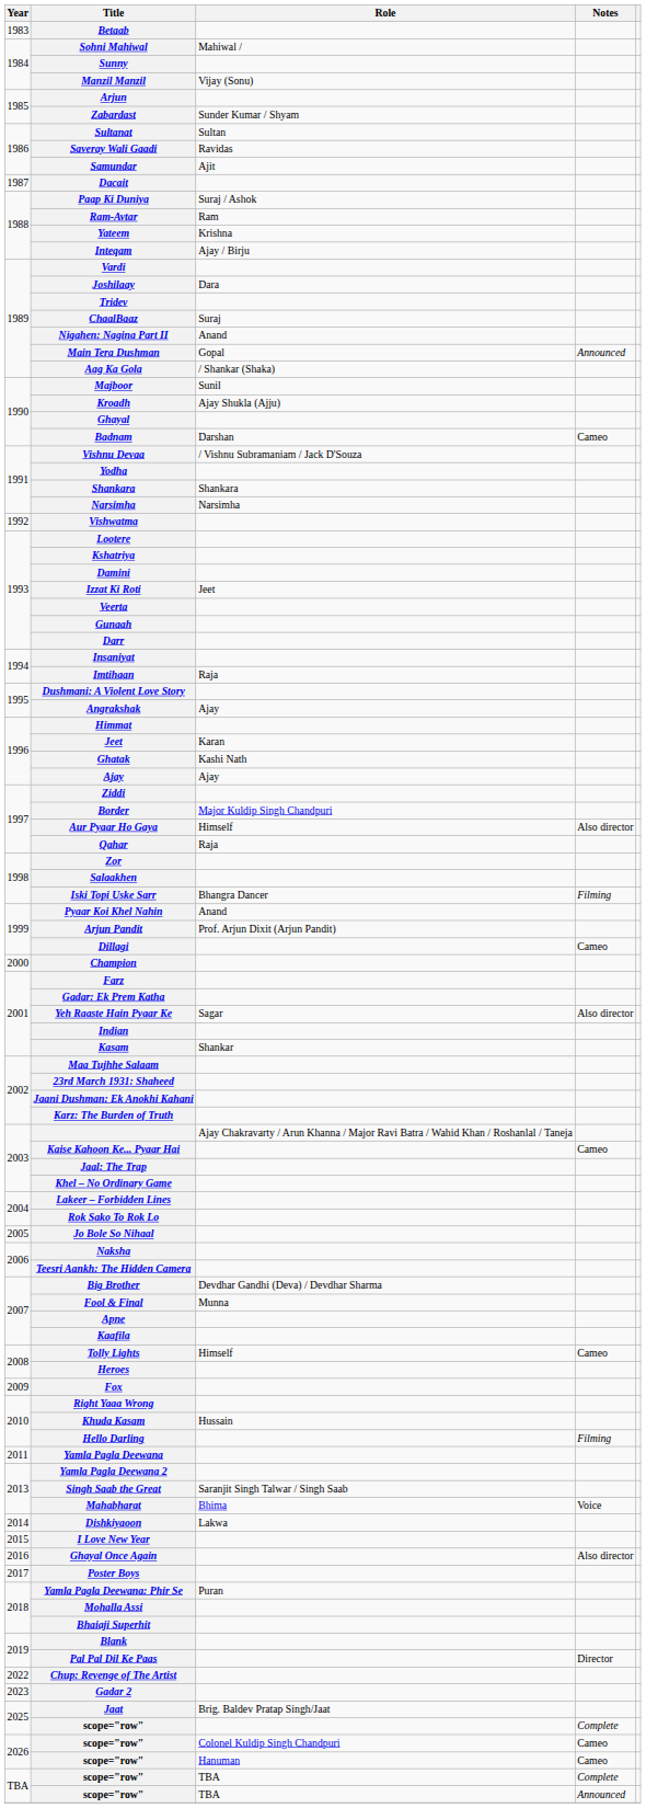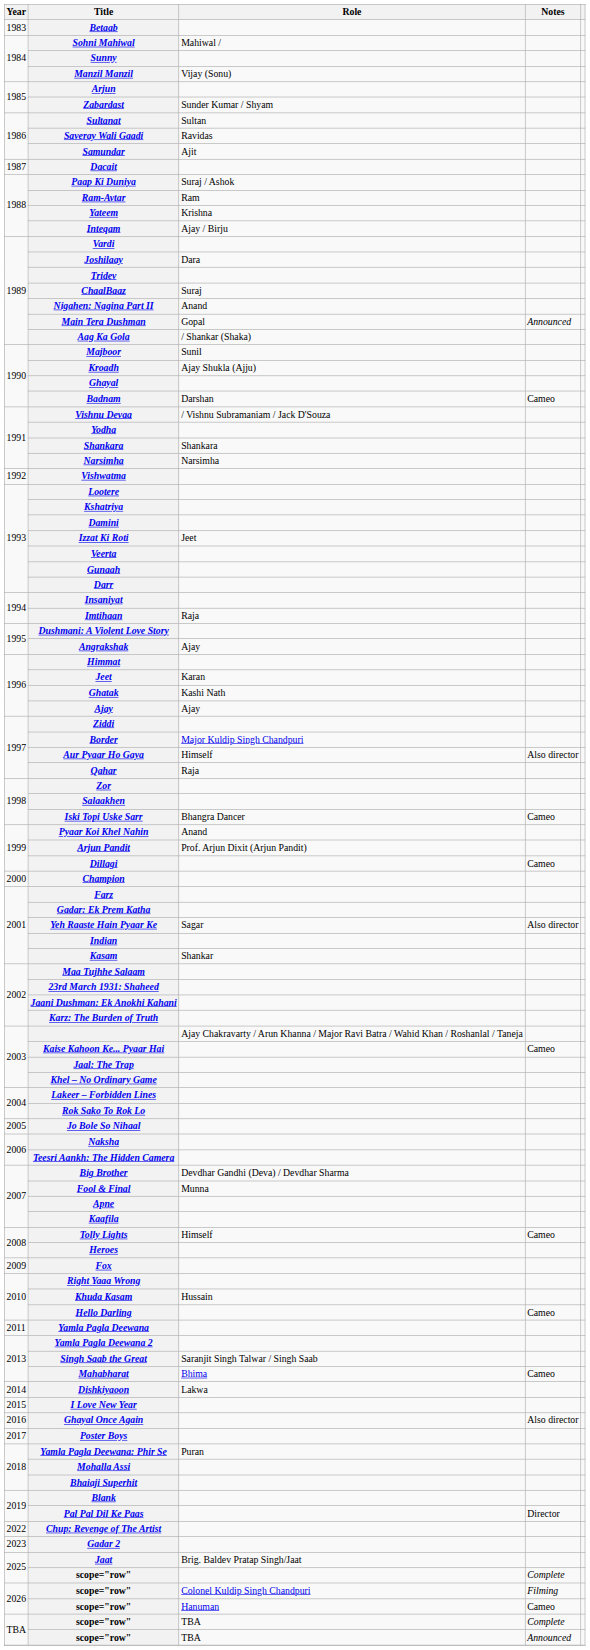 <table class="wikitable sortable plainrowheaders">
 <tr>
 <th scope="col">Year</th>
 <th Scope="col">Title</th>
 <th Scope="col">Role</th>
 <th Scope="col" class="unsortable">Notes</th>
 <th Scope="col" class="unsortable"></th>
 </tr>
 <tr>
 <td>1983</td>
 <th scope="row"><em><a href='#'>Betaab</a></em></th>
 <td></td>
 <td></td>
 <td style="text-align:center;"></td>
 </tr>
 <tr>
 <td rowspan="3">1984</td>
 <th scope="row"><em><a href='#'>Sohni Mahiwal</a></em></th>
 <td>Mahiwal / </td>
 <td></td>
 <td style="text-align:center;"></td>
 </tr>
 <tr>
 <th scope="row"><em><a href='#'>Sunny</a></em></th>
 <td></td>
 <td></td>
 <td style="text-align:center;"></td>
 </tr>
 <tr>
 <th scope="row"><em><a href='#'>Manzil Manzil</a></em></th>
 <td>Vijay (Sonu)</td>
 <td></td>
 <td style="text-align:center;"></td>
 </tr>
 <tr>
 <td rowspan="2">1985</td>
 <th scope="row"><em><a href='#'>Arjun</a></em></th>
 <td></td>
 <td></td>
 <td style="text-align:center;"></td>
 </tr>
 <tr>
 <th scope="row"><em><a href='#'>Zabardast</a></em></th>
 <td>Sunder Kumar / Shyam</td>
 <td></td>
 <td style="text-align:center;"></td>
 </tr>
 <tr>
 <td rowspan="3">1986</td>
 <th scope="row"><em><a href='#'>Sultanat</a></em></th>
 <td>Sultan</td>
 <td></td>
 <td style="text-align:center;"></td>
 </tr>
 <tr>
 <th scope="row"><em><a href='#'>Saveray Wali Gaadi</a></em></th>
 <td>Ravidas</td>
 <td></td>
 <td style="text-align:center;"></td>
 </tr>
 <tr>
 <th scope="row"><em><a href='#'>Samundar</a></em></th>
 <td>Ajit</td>
 <td></td>
 <td style="text-align:center;"></td>
 </tr>
 <tr>
 <td>1987</td>
 <th scope="row"><em><a href='#'>Dacait</a></em></th>
 <td></td>
 <td></td>
 <td style="text-align:center;"></td>
 </tr>
 <tr>
 <td rowspan="4">1988</td>
 <th scope="row"><em><a href='#'>Paap Ki Duniya</a></em></th>
 <td>Suraj / Ashok</td>
 <td></td>
 <td style="text-align:center;"></td>
 </tr>
 <tr>
 <th scope="row"><em><a href='#'>Ram-Avtar</a></em></th>
 <td>Ram</td>
 <td></td>
 <td style="text-align:center;"></td>
 </tr>
 <tr>
 <th scope="row"><em><a href='#'>Yateem</a></em></th>
 <td>Krishna</td>
 <td></td>
 <td style="text-align:center;"></td>
 </tr>
 <tr>
 <th scope="row"><em><a href='#'>Inteqam</a></em></th>
 <td>Ajay / Birju</td>
 <td></td>
 <td style="text-align:center;"></td>
 </tr>
 <tr>
 <td rowspan="7">1989</td>
 <th scope="row"><em><a href='#'>Vardi</a></em></th>
 <td></td>
 <td></td>
 <td style="text-align:center;"></td>
 </tr>
 <tr>
 <th scope="row"><em><a href='#'>Joshilaay</a></em></th>
 <td>Dara</td>
 <td></td>
 <td style="text-align:center;"></td>
 </tr>
 <tr>
 <th scope="row"><em><a href='#'>Tridev</a></em></th>
 <td></td>
 <td></td>
 <td style="text-align:center;"></td>
 </tr>
 <tr>
 <th scope="row"><em><a href='#'>ChaalBaaz</a></em></th>
 <td>Suraj</td>
 <td></td>
 <td style="text-align:center;"></td>
 </tr>
 <tr>
 <th scope="row"><em><a href='#'>Nigahen: Nagina Part II</a></em></th>
 <td>Anand</td>
 <td></td>
 <td style="text-align:center;"></td>
 </tr>
 <tr>
 <th scope="row"><em><a href='#'>Main Tera Dushman</a></em></th>
 <td>Gopal</td>
 <td><em>Announced</em></td>
 <td style="text-align:center;"></td>
 </tr>
 <tr>
 <th scope="row"><em><a href='#'>Aag Ka Gola</a></em></th>
 <td> / Shankar (Shaka)</td>
 <td></td>
 <td style="text-align:center;"></td>
 </tr>
 <tr>
 <td rowspan="4">1990</td>
 <th scope="row"><em><a href='#'>Majboor</a> </em></th>
 <td>Sunil</td>
 <td></td>
 <td style="text-align:center;"></td>
 </tr>
 <tr>
 <th scope="row"><em><a href='#'>Kroadh</a></em></th>
 <td>Ajay Shukla (Ajju)</td>
 <td></td>
 <td style="text-align:center;"></td>
 </tr>
 <tr>
 <th scope="row"><em><a href='#'>Ghayal</a></em></th>
 <td></td>
 <td></td>
 <td style="text-align:center;"></td>
 </tr>
 <tr>
 <th scope="row"><em><a href='#'>Badnam</a></em></th>
 <td>Darshan</td>
 <td {{Ubl>Cameo</td>
 <td style="text-align:center;"></td>
 </tr>
 <tr>
 <td rowspan="4">1991</td>
 <th scope="row"><em><a href='#'>Vishnu Devaa</a></em></th>
 <td> / Vishnu Subramaniam / Jack D'Souza</td>
 <td></td>
 <td style="text-align:center;"></td>
 </tr>
 <tr>
 <th scope="row"><em><a href='#'>Yodha</a></em></th>
 <td></td>
 <td></td>
 <td style="text-align:center;"></td>
 </tr>
 <tr>
 <th scope="row"><em><a href='#'>Shankara</a></em></th>
 <td>Shankara</td>
 <td></td>
 <td style="text-align:center;"></td>
 </tr>
 <tr>
 <th scope="row"><em><a href='#'>Narsimha</a></em></th>
 <td>Narsimha</td>
 <td></td>
 <td style="text-align:center;"></td>
 </tr>
 <tr>
 <td>1992</td>
 <th scope="row"><em><a href='#'>Vishwatma</a></em></th>
 <td></td>
 <td></td>
 <td style="text-align:center;"></td>
 </tr>
 <tr>
 <td rowspan="7">1993</td>
 <th scope="row"><em><a href='#'>Lootere</a></em></th>
 <td></td>
 <td></td>
 <td style="text-align:center;"></td>
 </tr>
 <tr>
 <th scope="row"><em><a href='#'>Kshatriya</a></em></th>
 <td></td>
 <td></td>
 <td style="text-align:center;"></td>
 </tr>
 <tr>
 <th scope="row"><em><a href='#'>Damini</a></em></th>
 <td></td>
 <td></td>
 <td style="text-align:center;"></td>
 </tr>
 <tr>
 <th scope="row"><em><a href='#'>Izzat Ki Roti</a></em></th>
 <td>Jeet</td>
 <td></td>
 <td style="text-align:center;"></td>
 </tr>
 <tr>
 <th scope="row"><em><a href='#'>Veerta</a></em></th>
 <td></td>
 <td></td>
 <td style="text-align:center;"></td>
 </tr>
 <tr>
 <th scope="row"><em><a href='#'>Gunaah</a></em></th>
 <td></td>
 <td></td>
 <td style="text-align:center;"></td>
 </tr>
 <tr>
 <th scope="row"><em><a href='#'>Darr</a></em></th>
 <td></td>
 <td></td>
 <td style="text-align:center;"></td>
 </tr>
 <tr>
 <td rowspan="2">1994</td>
 <th scope="row"><em><a href='#'>Insaniyat</a></em></th>
 <td></td>
 <td></td>
 <td style="text-align:center;"></td>
 </tr>
 <tr>
 <th scope="row"><em><a href='#'>Imtihaan</a></em></th>
 <td>Raja</td>
 <td></td>
 <td style="text-align:center;"></td>
 </tr>
 <tr>
 <td rowspan="2">1995</td>
 <th scope="row"><em><a href='#'>Dushmani: A Violent Love Story</a></em></th>
 <td></td>
 <td></td>
 <td style="text-align:center;"></td>
 </tr>
 <tr>
 <th scope="row"><em><a href='#'>Angrakshak</a></em></th>
 <td>Ajay</td>
 <td></td>
 <td style="text-align:center;"></td>
 </tr>
 <tr>
 <td rowspan="4">1996</td>
 <th scope="row"><em><a href='#'>Himmat</a></em></th>
 <td></td>
 <td></td>
 <td style="text-align:center;"></td>
 </tr>
 <tr>
 <th scope="row"><em><a href='#'>Jeet</a></em></th>
 <td>Karan</td>
 <td></td>
 <td style="text-align:center;"></td>
 </tr>
 <tr>
 <th scope="row"><em><a href='#'>Ghatak</a></em></th>
 <td>Kashi Nath</td>
 <td></td>
 <td style="text-align:center;"></td>
 </tr>
 <tr>
 <th scope="row"><em><a href='#'>Ajay</a></em></th>
 <td>Ajay</td>
 <td></td>
 <td style="text-align:center;"></td>
 </tr>
 <tr>
 <td rowspan="4">1997</td>
 <th scope="row"><em><a href='#'>Ziddi</a></em></th>
 <td></td>
 <td></td>
 <td style="text-align:center;"></td>
 </tr>
 <tr>
 <th scope="row"><em><a href='#'>Border</a></em></th>
 <td><a href='#'>Major Kuldip Singh Chandpuri</a></td>
 <td></td>
 <td style="text-align:center;"></td>
 </tr>
 <tr>
 <th scope="row"><em><a href='#'>Aur Pyaar Ho Gaya</a></em></th>
 <td>Himself</td>
 <td>Also director</td>
 <td style="text-align:center;"></td>
 </tr>
 <tr>
 <th scope="row"><em><a href='#'>Qahar</a></em></th>
 <td>Raja</td>
 <td></td>
 <td style="text-align:center;"></td>
 </tr>
 <tr>
 <td rowspan="3">1998</td>
 <th scope="row"><em><a href='#'>Zor</a></em></th>
 <td></td>
 <td></td>
 <td style="text-align:center;"></td>
 </tr>
 <tr>
 <th scope="row"><em><a href='#'>Salaakhen</a></em></th>
 <td></td>
 <td></td>
 <td style="text-align:center;"></td>
 </tr>
 <tr>
 <th scope="row"><em><a href='#'>Iski Topi Uske Sarr</a></em></th>
 <td>Bhangra Dancer</td>
-<td><em>Filming</em></td>
+<td>Cameo</td>
 <td style="text-align:center;"></td>
 </tr>
 <tr>
 <td rowspan="3">1999</td>
 <th scope="row"><em><a href='#'>Pyaar Koi Khel Nahin</a></em></th>
 <td>Anand</td>
 <td></td>
 <td style="text-align:center;"></td>
 </tr>
 <tr>
 <th scope="row"><em><a href='#'>Arjun Pandit</a></em></th>
 <td>Prof. Arjun Dixit (Arjun Pandit)</td>
 <td></td>
 <td style="text-align:center;"></td>
 </tr>
 <tr>
 <th scope="row"><em><a href='#'>Dillagi</a></em></th>
 <td></td>
 <td>Cameo</td>
 <td style="text-align:center;"></td>
 </tr>
 <tr>
 <td>2000</td>
 <th scope="row"><em><a href='#'>Champion</a></em></th>
 <td></td>
 <td></td>
 <td style="text-align:center;"></td>
 </tr>
 <tr>
 <td rowspan="5">2001</td>
 <th scope="row"><em><a href='#'>Farz</a></em></th>
 <td></td>
 <td></td>
 <td style="text-align:center;"></td>
 </tr>
 <tr>
 <th scope="row"><em><a href='#'>Gadar: Ek Prem Katha</a></em></th>
 <td></td>
 <td></td>
 <td></td>
 </tr>
 <tr>
 <th scope="row"><em><a href='#'>Yeh Raaste Hain Pyaar Ke</a></em></th>
 <td>Sagar</td>
 <td>Also director</td>
 <td style="text-align:center;"></td>
 </tr>
 <tr>
 <th scope="row"><em><a href='#'>Indian</a></em></th>
 <td></td>
 <td></td>
 <td style="text-align:center;"></td>
 </tr>
 <tr>
 <th scope="row"><em><a href='#'>Kasam</a></em></th>
 <td>Shankar</td>
 <td></td>
 <td style="text-align:center;"></td>
 </tr>
 <tr>
 <td rowspan="4">2002</td>
 <th scope="row"><em><a href='#'>Maa Tujhhe Salaam</a></em></th>
 <td></td>
 <td></td>
 <td style="text-align:center;"></td>
 </tr>
 <tr>
 <th scope="row"><em><a href='#'>23rd March 1931: Shaheed</a></em></th>
 <td></td>
 <td></td>
 <td style="text-align:center;"></td>
 </tr>
 <tr>
 <th scope="row"><em><a href='#'>Jaani Dushman: Ek Anokhi Kahani</a></em></th>
 <td></td>
 <td></td>
 <td style="text-align:center;"></td>
 </tr>
 <tr>
 <th scope="row"><em><a href='#'>Karz: The Burden of Truth</a></em></th>
 <td></td>
 <td></td>
 <td style="text-align:center;"></td>
 </tr>
 <tr>
 <td rowspan="4">2003</td>
 <th scope="row"></th>
 <td>Ajay Chakravarty / Arun Khanna / Major Ravi Batra / Wahid Khan / Roshanlal / Taneja</td>
 <td></td>
 <td style="text-align:center;"></td>
 </tr>
 <tr>
 <th scope="row"><em><a href='#'>Kaise Kahoon Ke... Pyaar Hai</a></em></th>
 <td></td>
 <td>Cameo</td>
 <td style="text-align:center;"></td>
 </tr>
 <tr>
 <th scope="row"><em><a href='#'>Jaal: The Trap</a></em></th>
 <td></td>
 <td></td>
 <td style="text-align:center;"></td>
 </tr>
 <tr>
 <th scope="row"><em><a href='#'>Khel – No Ordinary Game</a></em></th>
 <td></td>
 <td></td>
 <td style="text-align:center;"></td>
 </tr>
 <tr>
 <td rowspan="2">2004</td>
 <th scope="row"><em><a href='#'>Lakeer – Forbidden Lines</a></em></th>
 <td></td>
 <td></td>
 <td style="text-align:center;"></td>
 </tr>
 <tr>
 <th scope="row"><em><a href='#'>Rok Sako To Rok Lo</a></em></th>
 <td></td>
 <td></td>
 <td style="text-align:center;"></td>
 </tr>
 <tr>
 <td>2005</td>
 <th scope="row"><em><a href='#'>Jo Bole So Nihaal</a></em></th>
 <td></td>
 <td></td>
 <td style="text-align:center;"></td>
 </tr>
 <tr>
 <td rowspan="2">2006</td>
 <th scope="row"><em><a href='#'>Naksha</a></em></th>
 <td></td>
 <td></td>
 <td style="text-align:center;"></td>
 </tr>
 <tr>
 <th scope="row"><em><a href='#'>Teesri Aankh: The Hidden Camera</a></em></th>
 <td></td>
 <td></td>
 <td style="text-align:center;"></td>
 </tr>
 <tr>
 <td rowspan="4">2007</td>
 <th scope="row"><em><a href='#'>Big Brother</a></em></th>
 <td>Devdhar Gandhi (Deva) / Devdhar Sharma</td>
 <td></td>
 <td style="text-align:center;"></td>
 </tr>
 <tr>
 <th scope="row"><em><a href='#'>Fool & Final</a></em></th>
 <td>Munna</td>
 <td></td>
 <td style="text-align:center;"></td>
 </tr>
 <tr>
 <th scope="row"><em><a href='#'>Apne</a></em></th>
 <td></td>
 <td></td>
 <td style="text-align:center;"></td>
 </tr>
 <tr>
 <th scope="row"><em><a href='#'>Kaafila</a></em></th>
 <td></td>
 <td></td>
 <td style="text-align:center;"></td>
 </tr>
 <tr>
 <td rowspan="2">2008</td>
 <th scope="row"><em><a href='#'>Tolly Lights</a></em></th>
 <td>Himself</td>
 <td>Cameo</td>
 <td style="text-align:center;"></td>
 </tr>
 <tr>
 <th scope="row"><em><a href='#'>Heroes</a></em></th>
 <td></td>
 <td></td>
 <td style="text-align:center;"></td>
 </tr>
 <tr>
 <td>2009</td>
 <th scope="row"><em><a href='#'>Fox</a> </em></th>
 <td></td>
 <td></td>
 <td style="text-align:center;"></td>
 </tr>
 <tr>
 <td rowspan="3">2010</td>
 <th scope="row"><em><a href='#'>Right Yaaa Wrong</a></em></th>
 <td></td>
 <td></td>
 <td style="text-align:center;"></td>
 </tr>
 <tr>
 <th scope="row"><em><a href='#'>Khuda Kasam</a></em></th>
 <td>Hussain</td>
 <td></td>
 <td style="text-align:center;"></td>
 </tr>
 <tr>
 <th scope="row"><em><a href='#'>Hello Darling</a></em></th>
 <td></td>
-<td><em>Filming</em></td>
+<td>Cameo</td>
 <td style="text-align:center;"></td>
 </tr>
 <tr>
 <td>2011</td>
 <th scope="row"><em><a href='#'>Yamla Pagla Deewana</a></em></th>
 <td></td>
 <td></td>
 <td></td>
 </tr>
 <tr>
 <td rowspan="3">2013</td>
 <th scope="row"><em><a href='#'>Yamla Pagla Deewana 2</a></em></th>
 <td></td>
 <td></td>
 <td style="text-align:center;"></td>
 </tr>
 <tr>
 <th scope="row"><em><a href='#'>Singh Saab the Great</a></em></th>
 <td>Saranjit Singh Talwar / Singh Saab</td>
 <td></td>
 <td style="text-align:center;"></td>
 </tr>
 <tr>
 <th scope="row"><em><a href='#'>Mahabharat</a></em></th>
 <td><a href='#'>Bhima</a></td>
-<td>Voice</td>
+<td>Cameo</td>
 <td style="text-align:center;"></td>
 </tr>
 <tr>
 <td>2014</td>
 <th scope="row"><em><a href='#'>Dishkiyaoon</a></em></th>
 <td>Lakwa</td>
 <td></td>
 <td style="text-align:center;"></td>
 </tr>
 <tr>
 <td>2015</td>
 <th scope="row"><em><a href='#'>I Love New Year</a></em></th>
 <td></td>
 <td></td>
 <td style="text-align:center;"></td>
 </tr>
 <tr>
 <td>2016</td>
 <th scope="row"><em><a href='#'>Ghayal Once Again</a></em></th>
 <td></td>
 <td>Also director</td>
 <td style="text-align:center;"></td>
 </tr>
 <tr>
 <td>2017</td>
 <th scope="row"><em><a href='#'>Poster Boys</a></em></th>
 <td></td>
 <td></td>
 <td style="text-align:center;"></td>
 </tr>
 <tr>
 <td rowspan="3">2018</td>
 <th scope="row"><em><a href='#'>Yamla Pagla Deewana: Phir Se</a></em></th>
 <td>Puran</td>
 <td></td>
 <td style="text-align:center;"></td>
 </tr>
 <tr>
 <th scope="row"><em><a href='#'>Mohalla Assi</a></em></th>
 <td></td>
 <td></td>
 <td style="text-align:center;"></td>
 </tr>
 <tr>
 <th scope="row"><em><a href='#'>Bhaiaji Superhit</a></em></th>
 <td></td>
 <td></td>
 <td style="text-align:center;"></td>
 </tr>
 <tr>
 <td rowspan=2>2019</td>
 <th scope="row"><em><a href='#'>Blank</a></em></th>
 <td></td>
 <td></td>
 <td style="text-align:center;"></td>
 </tr>
 <tr>
 <th scope="row"><em><a href='#'>Pal Pal Dil Ke Paas</a></em></th>
 <td></td>
 <td>Director</td>
 <td style="text-align:center;"></td>
 </tr>
 <tr>
 <td>2022</td>
 <th scope="row"><em><a href='#'>Chup: Revenge of The Artist</a></em></th>
 <td></td>
 <td></td>
 <td style="text-align:center;"></td>
 </tr>
 <tr>
 <td>2023</td>
 <th scope="row"><em><a href='#'>Gadar 2</a></em></th>
 <td></td>
 <td></td>
 <td style="text-align:center;"></td>
 </tr>
 <tr>
 <td rowspan="2">2025</td>
 <th scope="row"><em><a href='#'>Jaat</a></em></th>
 <td>Brig. Baldev Pratap Singh/Jaat</td>
 <td></td>
 <td style="text-align:center;"></td>
 </tr>
 <tr>
 <th>scope="row" </th>
 <td></td>
 <td><em>Complete</em></td>
 <td style="text-align:center;"></td>
 </tr>
 <tr>
 <td rowspan="2">2026</td>
 <th>scope="row" </th>
 <td><a href='#'>Colonel Kuldip Singh Chandpuri</a></td>
-<td>Cameo</td>
+<td><em>Filming</em></td>
 <td style="text-align:center;"></td>
 </tr>
 <tr>
 <th>scope="row" </th>
 <td><a href='#'>Hanuman</a></td>
 <td>Cameo</td>
 <td style="text-align:center;"></td>
 </tr>
 <tr>
 <td rowspan="2">TBA</td>
 <th>scope="row" </th>
 <td>TBA</td>
 <td><em>Complete</em></td>
 <td style="text-align:center;"></td>
 </tr>
 <tr>
 <th>scope="row" </th>
 <td>TBA</td>
 <td><em>Announced</em></td>
 <td style="text-align:center;"></td>
 </tr>
 <tr>
 </tr>
 </table>
